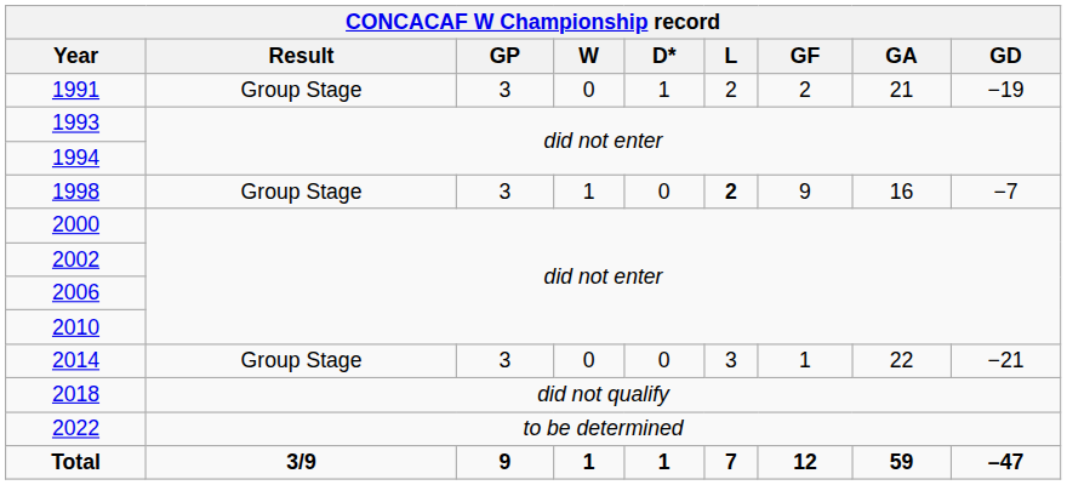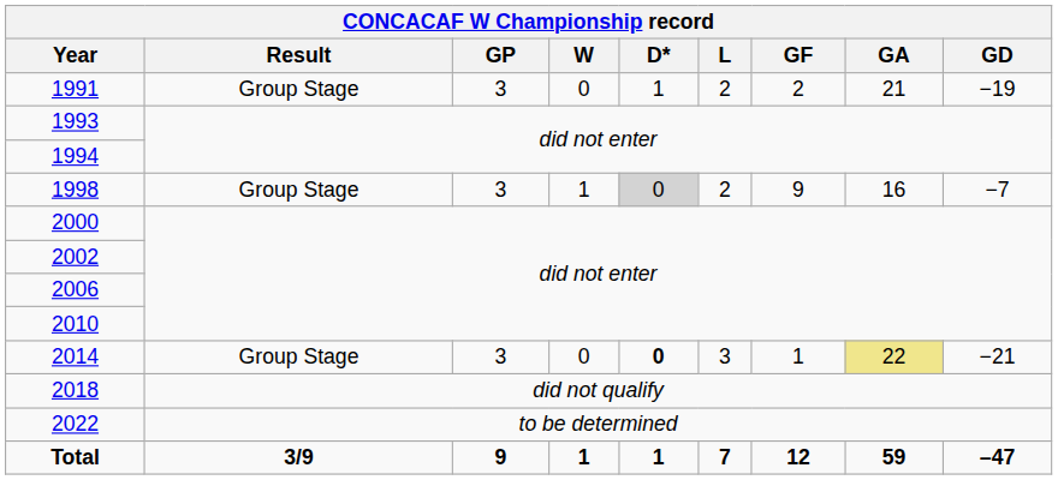 <table class="wikitable" style="text-align: center; width:50%;">
 <tr>
 <th colspan=10><a href='#'>CONCACAF W Championship</a> record</th>
 </tr>
 <tr>
 <th>Year</th>
 <th>Result</th>
 <th>GP</th>
 <th>W</th>
 <th>D*</th>
 <th>L</th>
 <th>GF</th>
 <th>GA</th>
 <th>GD</th>
 </tr>
 <tr>
 <td> <a href='#'>1991</a></td>
 <td>Group Stage</td>
 <td>3</td>
 <td>0</td>
 <td>1</td>
 <td>2</td>
 <td>2</td>
 <td>21</td>
 <td>−19</td>
 </tr>
 <tr>
 <td> <a href='#'>1993</a></td>
 <td colspan=8 rowspan=2><em>did not enter</em></td>
 </tr>
 <tr>
 <td> <a href='#'>1994</a></td>
 </tr>
 <tr>
 <td> <a href='#'>1998</a></td>
 <td>Group Stage</td>
 <td>3</td>
 <td>1</td>
-<td>0</td>
-<td><strong>2</strong></td>
+<td style="background: lightgrey;">0</td>
+<td>2</td>
 <td>9</td>
 <td>16</td>
 <td>−7</td>
 </tr>
 <tr>
 <td> <a href='#'>2000</a></td>
 <td colspan=8 rowspan=4><em>did not enter</em></td>
 </tr>
 <tr>
 <td> <a href='#'>2002</a></td>
 </tr>
 <tr>
 <td> <a href='#'>2006</a></td>
 </tr>
 <tr>
 <td> <a href='#'>2010</a></td>
 </tr>
 <tr>
 <td> <a href='#'>2014</a></td>
 <td>Group Stage</td>
 <td>3</td>
 <td>0</td>
-<td>0</td>
+<td><strong>0</strong></td>
 <td>3</td>
 <td>1</td>
-<td>22</td>
+<td style="background: khaki;">22</td>
 <td>−21</td>
 </tr>
 <tr>
 <td> <a href='#'>2018</a></td>
 <td colspan=8><em>did not qualify</em></td>
 </tr>
 <tr>
 <td> <a href='#'>2022</a></td>
 <td colspan=8><em>to be determined</em></td>
 </tr>
 <tr>
 <td><strong>Total</strong></td>
 <td><strong>3/9</strong></td>
 <td><strong>9</strong></td>
 <td><strong>1</strong></td>
 <td><strong>1</strong></td>
 <td><strong>7</strong></td>
 <td><strong>12</strong></td>
 <td><strong>59</strong></td>
 <td><strong>–47</strong></td>
 </tr>
 </table>
